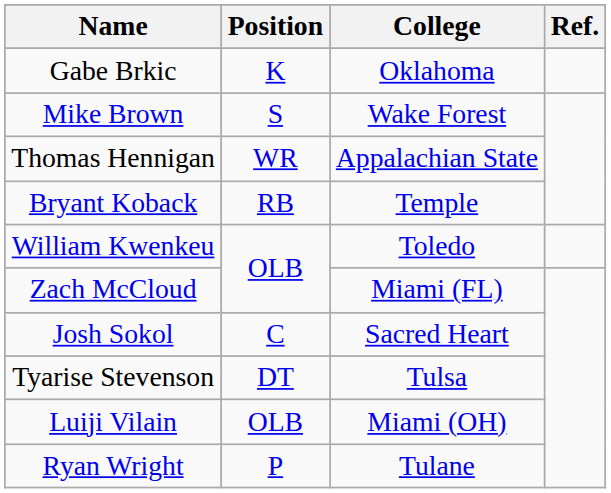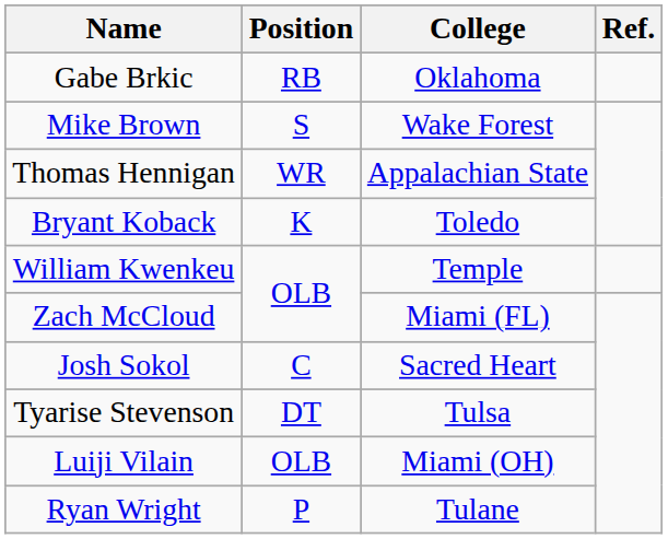 <table class="wikitable" style="text-align:center">
 <tr>
 <th>Name</th>
 <th>Position</th>
 <th>College</th>
 <th>Ref.</th>
 </tr>
 <tr>
 <td>Gabe Brkic</td>
-<td><a href='#'>K</a></td>
+<td><a href='#'>RB</a></td>
 <td><a href='#'>Oklahoma</a></td>
 <td></td>
 </tr>
 <tr>
 <td><a href='#'>Mike Brown</a></td>
 <td><a href='#'>S</a></td>
 <td><a href='#'>Wake Forest</a></td>
 <td rowspan="3"></td>
 </tr>
 <tr>
 <td>Thomas Hennigan</td>
 <td><a href='#'>WR</a></td>
 <td><a href='#'>Appalachian State</a></td>
 </tr>
 <tr>
 <td><a href='#'>Bryant Koback</a></td>
-<td><a href='#'>RB</a></td>
-<td><a href='#'>Temple</a></td>
+<td><a href='#'>K</a></td>
+<td><a href='#'>Toledo</a></td>
 </tr>
 <tr>
 <td><a href='#'>William Kwenkeu</a></td>
 <td rowspan=2><a href='#'>OLB</a></td>
-<td><a href='#'>Toledo</a></td>
+<td><a href='#'>Temple</a></td>
 <td></td>
 </tr>
 <tr>
 <td><a href='#'>Zach McCloud</a></td>
 <td><a href='#'>Miami (FL)</a></td>
 <td rowspan=5></td>
 </tr>
 <tr>
 <td><a href='#'>Josh Sokol</a></td>
 <td><a href='#'>C</a></td>
 <td><a href='#'>Sacred Heart</a></td>
 </tr>
 <tr>
 <td>Tyarise Stevenson</td>
 <td><a href='#'>DT</a></td>
 <td><a href='#'>Tulsa</a></td>
 </tr>
 <tr>
 <td><a href='#'>Luiji Vilain</a></td>
 <td><a href='#'>OLB</a></td>
 <td><a href='#'>Miami (OH)</a></td>
 </tr>
 <tr>
 <td><a href='#'>Ryan Wright</a></td>
 <td><a href='#'>P</a></td>
 <td><a href='#'>Tulane</a></td>
 </tr>
 </table>
